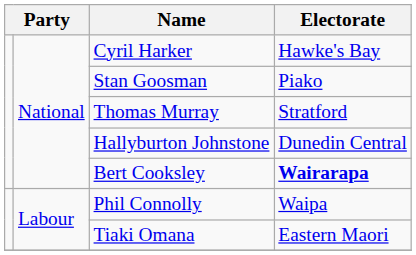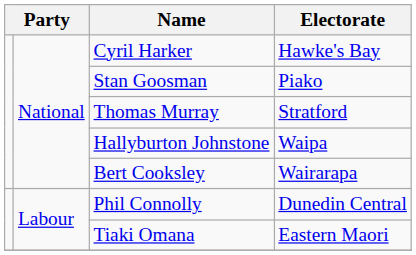 <table class="wikitable">
 <tr>
 <th colspan=2>Party</th>
 <th>Name</th>
 <th>Electorate</th>
 </tr>
 <tr>
 <td rowspan=5 style="background-color: "></td>
 <td rowspan=5><a href='#'>National</a></td>
 <td><a href='#'>Cyril Harker</a></td>
 <td><a href='#'>Hawke's Bay</a></td>
 </tr>
 <tr>
 <td><a href='#'>Stan Goosman</a></td>
 <td><a href='#'>Piako</a></td>
 </tr>
 <tr>
 <td><a href='#'>Thomas Murray</a></td>
 <td><a href='#'>Stratford</a></td>
 </tr>
 <tr>
 <td><a href='#'>Hallyburton Johnstone</a></td>
-<td><a href='#'>Dunedin Central</a></td>
+<td><a href='#'>Waipa</a></td>
 </tr>
 <tr>
 <td><a href='#'>Bert Cooksley</a></td>
-<td><strong><a href='#'>Wairarapa</a></strong></td>
+<td><a href='#'>Wairarapa</a></td>
 </tr>
 <tr>
 <td rowspan=2 style="background-color: "></td>
 <td rowspan=2><a href='#'>Labour</a></td>
 <td><a href='#'>Phil Connolly</a></td>
-<td><a href='#'>Waipa</a></td>
+<td><a href='#'>Dunedin Central</a></td>
 </tr>
 <tr>
 <td><a href='#'>Tiaki Omana</a></td>
 <td><a href='#'>Eastern Maori</a></td>
 </tr>
 <tr>
 </tr>
 </table>
